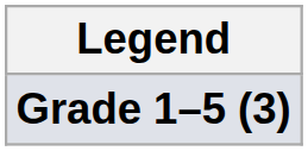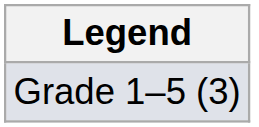 <table class=wikitable>
 <tr>
 <th>Legend</th>
 </tr>
 <tr bgcolor=dfe2e9>
-<td><strong>Grade 1–5 (3)</strong></td>
+<td>Grade 1–5 (3)</td>
 </tr>
 </table>
